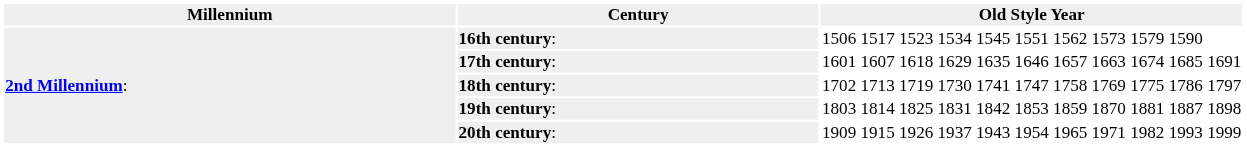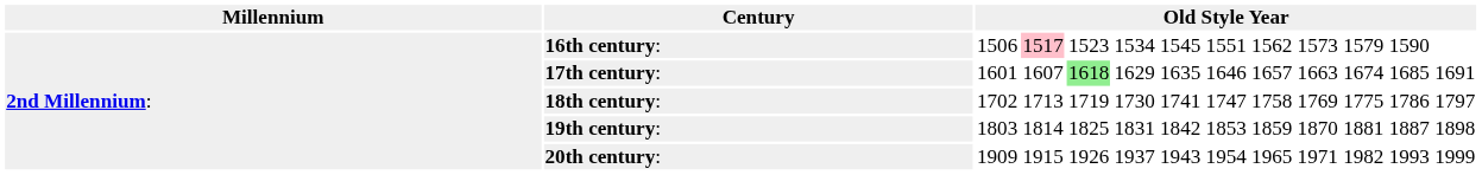 <table>
 <tr style="background-color:#efefef;">
 <th>Millennium</th>
 <th>Century</th>
 <th align="center" colspan="11">Old Style Year</th>
 </tr>
 <tr>
 <td style="background-color:#efefef;" rowspan="5"><strong><a href='#'>2nd Millennium</a></strong>:</td>
 <td style="background-color:#efefef;"><strong>16th century</strong>:</td>
 <td width="3%">1506</td>
-<td width="3%">1517</td>
+<td width="3%" style="background: pink;">1517</td>
 <td width="3%">1523</td>
 <td width="3%">1534</td>
 <td width="3%">1545</td>
 <td width="3%">1551</td>
 <td width="3%">1562</td>
 <td width="3%">1573</td>
 <td width="3%">1579</td>
 <td width="3%">1590</td>
 </tr>
 <tr>
 <td style="background-color:#efefef;"><strong>17th century</strong>:</td>
 <td width="3%">1601</td>
 <td width="3%">1607</td>
-<td width="3%">1618</td>
+<td width="3%" style="background: lightgreen;">1618</td>
 <td width="3%">1629</td>
 <td width="3%">1635</td>
 <td width="3%">1646</td>
 <td width="3%">1657</td>
 <td width="3%">1663</td>
 <td width="3%">1674</td>
 <td width="3%">1685</td>
 <td width="3%">1691</td>
 </tr>
 <tr>
 <td style="background-color:#efefef;"><strong>18th century</strong>:</td>
 <td width="3%">1702</td>
 <td width="3%">1713</td>
 <td width="3%">1719</td>
 <td width="3%">1730</td>
 <td width="3%">1741</td>
 <td width="3%">1747</td>
 <td width="3%">1758</td>
 <td width="3%">1769</td>
 <td width="3%">1775</td>
 <td width="3%">1786</td>
 <td width="3%">1797</td>
 </tr>
 <tr>
 <td style="background-color:#efefef;"><strong>19th century</strong>:</td>
 <td width="3%">1803</td>
 <td width="3%">1814</td>
 <td width="3%">1825</td>
 <td width="3%">1831</td>
 <td width="3%">1842</td>
 <td width="3%">1853</td>
 <td width="3%">1859</td>
 <td width="3%">1870</td>
 <td width="3%">1881</td>
 <td width="3%">1887</td>
 <td width="3%">1898</td>
 </tr>
 <tr>
 <td style="background-color:#efefef;"><strong>20th century</strong>:</td>
 <td width="3%">1909</td>
 <td width="3%">1915</td>
 <td width="3%">1926</td>
 <td width="3%">1937</td>
 <td width="3%">1943</td>
 <td width="3%">1954</td>
 <td width="3%">1965</td>
 <td width="3%">1971</td>
 <td width="3%">1982</td>
 <td width="3%">1993</td>
 <td width="3%">1999</td>
 </tr>
 </table>
